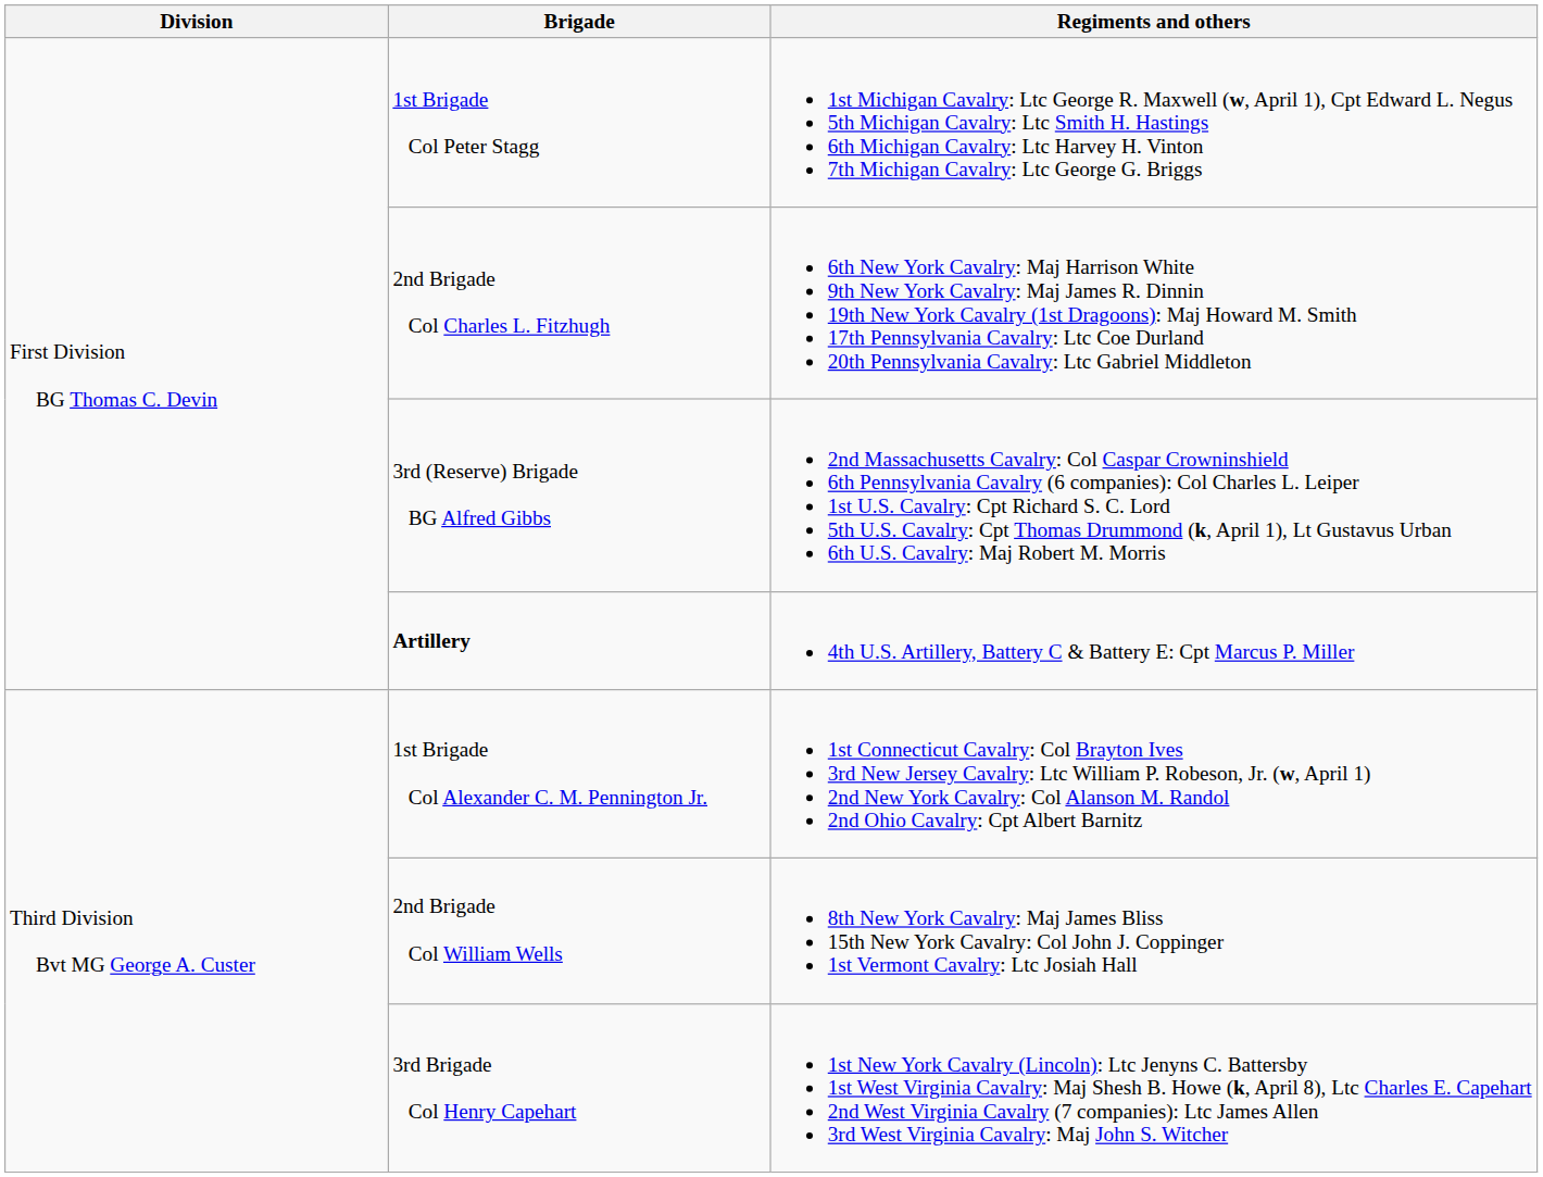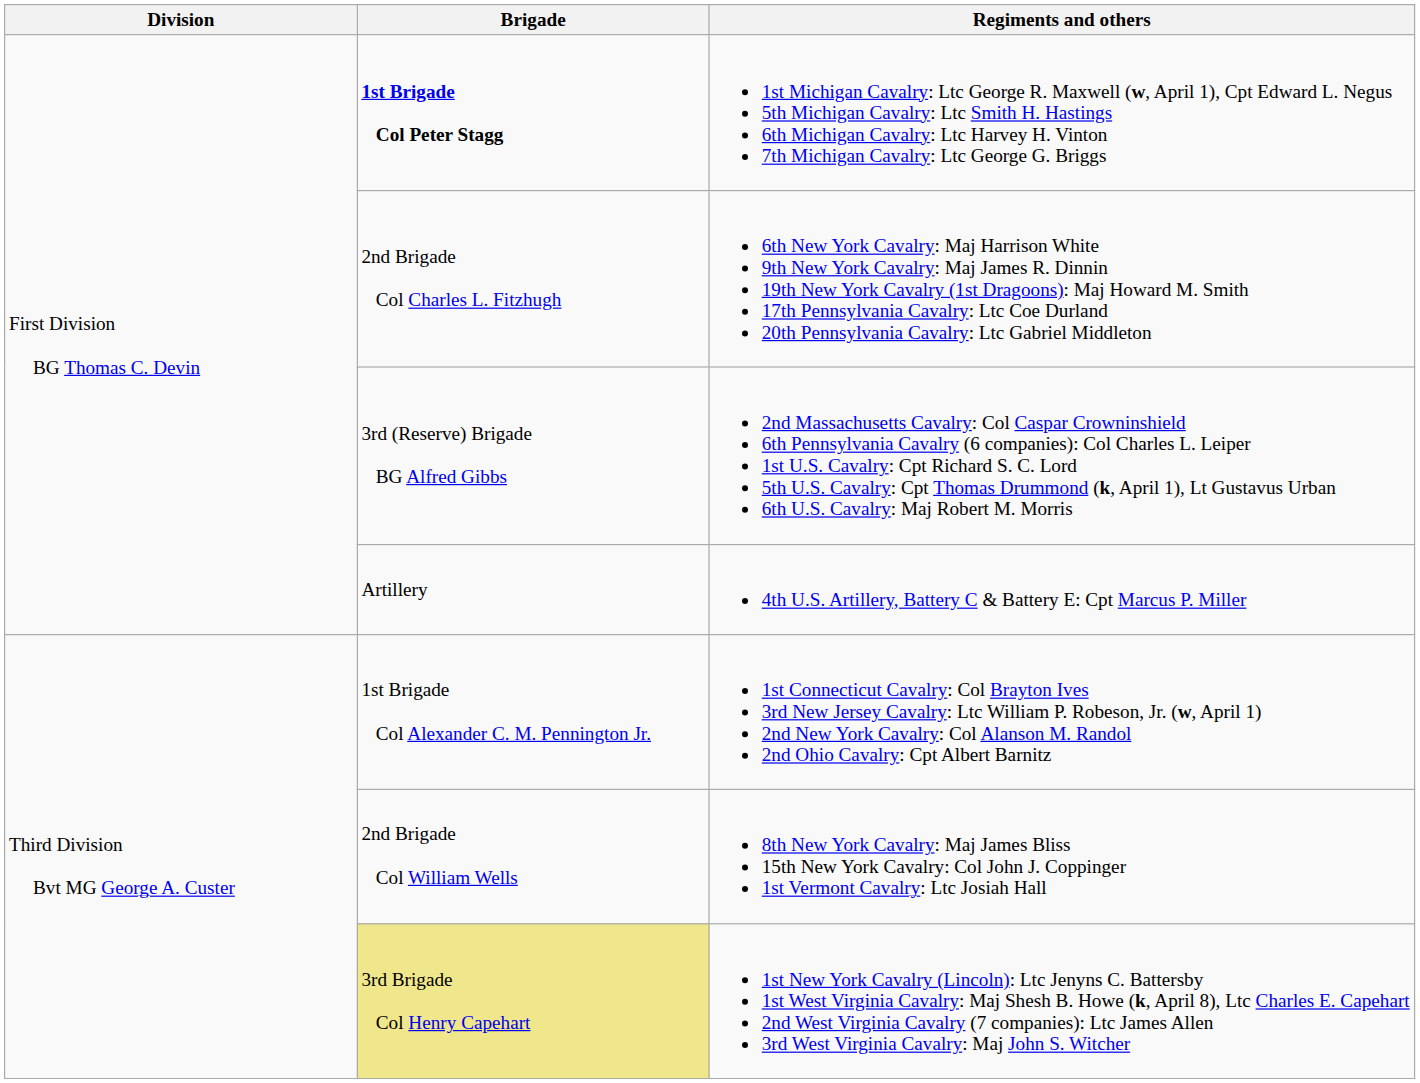 <table class="wikitable">
 <tr>
 <th style="width:25%;">Division</th>
 <th style="width:25%;">Brigade</th>
 <th>Regiments and others</th>
 </tr>
 <tr>
 <td rowspan=4><br>First Division<br><br>     BG <a href='#'>Thomas C. Devin</a></td>
-<td><a href='#'>1st Brigade</a><br><br>   Col Peter Stagg</td>
+<td><strong><a href='#'>1st Brigade</a><br><br>   Col Peter Stagg</strong></td>
 <td><br><ul><li><a href='#'>1st Michigan Cavalry</a>: Ltc George R. Maxwell (<strong>w</strong>, April 1), Cpt Edward L. Negus</li><li><a href='#'>5th Michigan Cavalry</a>: Ltc <a href='#'>Smith H. Hastings</a></li><li><a href='#'>6th Michigan Cavalry</a>: Ltc Harvey H. Vinton</li><li><a href='#'>7th Michigan Cavalry</a>: Ltc George G. Briggs</li></ul></td>
 </tr>
 <tr>
 <td>2nd Brigade<br><br>   Col <a href='#'>Charles L. Fitzhugh</a></td>
 <td><br><ul><li><a href='#'>6th New York Cavalry</a>: Maj Harrison White</li><li><a href='#'>9th New York Cavalry</a>: Maj James R. Dinnin</li><li><a href='#'>19th New York Cavalry (1st Dragoons)</a>: Maj Howard M. Smith</li><li><a href='#'>17th Pennsylvania Cavalry</a>: Ltc Coe Durland</li><li><a href='#'>20th Pennsylvania Cavalry</a>: Ltc Gabriel Middleton</li></ul></td>
 </tr>
 <tr>
 <td>3rd (Reserve) Brigade<br><br>   BG <a href='#'>Alfred Gibbs</a></td>
 <td><br><ul><li><a href='#'>2nd Massachusetts Cavalry</a>: Col <a href='#'>Caspar Crowninshield</a></li><li><a href='#'>6th Pennsylvania Cavalry</a> (6 companies): Col Charles L. Leiper</li><li><a href='#'>1st U.S. Cavalry</a>: Cpt Richard S. C. Lord</li><li><a href='#'>5th U.S. Cavalry</a>: Cpt <a href='#'>Thomas Drummond</a> (<strong>k</strong>, April 1), Lt Gustavus Urban</li><li><a href='#'>6th U.S. Cavalry</a>: Maj Robert M. Morris</li></ul></td>
 </tr>
 <tr>
-<td><strong>Artillery</strong></td>
+<td>Artillery</td>
 <td><br><ul><li><a href='#'>4th U.S. Artillery, Battery C</a> & Battery E: Cpt <a href='#'>Marcus P. Miller</a></li></ul></td>
 </tr>
 <tr>
 <td rowspan=3><br>Third Division<br><br>     Bvt MG <a href='#'>George A. Custer</a></td>
 <td>1st Brigade<br><br>   Col <a href='#'>Alexander C. M. Pennington Jr.</a></td>
 <td><br><ul><li><a href='#'>1st Connecticut Cavalry</a>: Col <a href='#'>Brayton Ives</a></li><li><a href='#'>3rd New Jersey Cavalry</a>: Ltc William P. Robeson, Jr. (<strong>w</strong>, April 1)</li><li><a href='#'>2nd New York Cavalry</a>: Col <a href='#'>Alanson M. Randol</a></li><li><a href='#'>2nd Ohio Cavalry</a>: Cpt Albert Barnitz</li></ul></td>
 </tr>
 <tr>
 <td>2nd Brigade<br><br>   Col <a href='#'>William Wells</a></td>
 <td><br><ul><li><a href='#'>8th New York Cavalry</a>: Maj James Bliss</li><li>15th New York Cavalry: Col John J. Coppinger</li><li><a href='#'>1st Vermont Cavalry</a>: Ltc Josiah Hall</li></ul></td>
 </tr>
 <tr>
-<td>3rd Brigade<br><br>   Col <a href='#'>Henry Capehart</a></td>
+<td style="background: khaki;">3rd Brigade<br><br>   Col <a href='#'>Henry Capehart</a></td>
 <td><br><ul><li><a href='#'>1st New York Cavalry (Lincoln)</a>: Ltc Jenyns C. Battersby</li><li><a href='#'>1st West Virginia Cavalry</a>: Maj Shesh B. Howe (<strong>k</strong>, April 8), Ltc <a href='#'>Charles E. Capehart</a></li><li><a href='#'>2nd West Virginia Cavalry</a> (7 companies): Ltc James Allen</li><li><a href='#'>3rd West Virginia Cavalry</a>: Maj <a href='#'>John S. Witcher</a></li></ul></td>
 </tr>
 </table>
